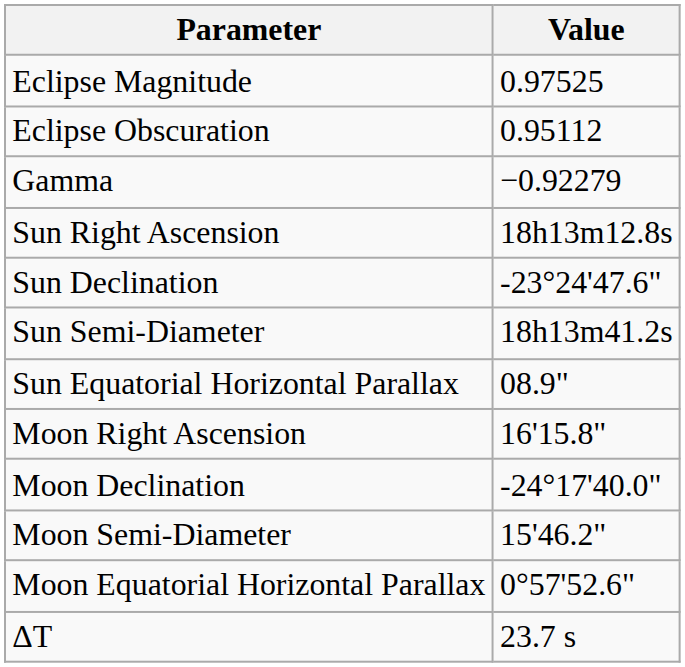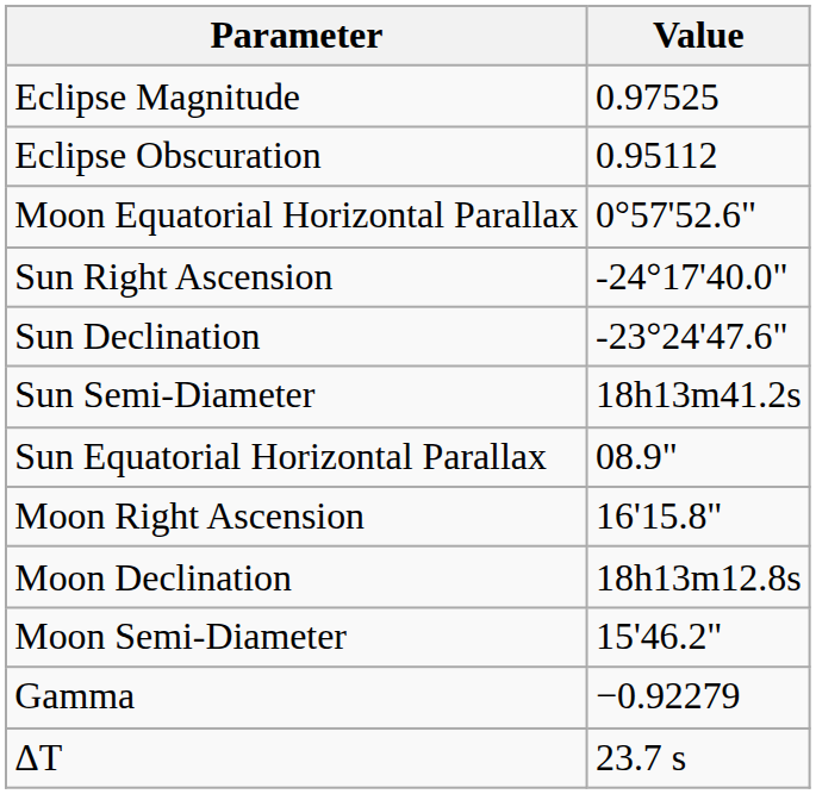 <table class="wikitable">
 <tr>
 <th>Parameter</th>
 <th>Value</th>
 </tr>
 <tr>
 <td>Eclipse Magnitude</td>
 <td>0.97525</td>
 </tr>
 <tr>
 <td>Eclipse Obscuration</td>
 <td>0.95112</td>
 </tr>
 <tr>
-<td>Gamma</td>
-<td>−0.92279</td>
+<td>Moon Equatorial Horizontal Parallax</td>
+<td>0°57'52.6"</td>
 </tr>
 <tr>
 <td>Sun Right Ascension</td>
-<td>18h13m12.8s</td>
+<td>-24°17'40.0"</td>
 </tr>
 <tr>
 <td>Sun Declination</td>
 <td>-23°24'47.6"</td>
 </tr>
 <tr>
 <td>Sun Semi-Diameter</td>
 <td>18h13m41.2s</td>
 </tr>
 <tr>
 <td>Sun Equatorial Horizontal Parallax</td>
 <td>08.9"</td>
 </tr>
 <tr>
 <td>Moon Right Ascension</td>
 <td>16'15.8"</td>
 </tr>
 <tr>
 <td>Moon Declination</td>
-<td>-24°17'40.0"</td>
+<td>18h13m12.8s</td>
 </tr>
 <tr>
 <td>Moon Semi-Diameter</td>
 <td>15'46.2"</td>
 </tr>
 <tr>
-<td>Moon Equatorial Horizontal Parallax</td>
-<td>0°57'52.6"</td>
+<td>Gamma</td>
+<td>−0.92279</td>
 </tr>
 <tr>
 <td>ΔT</td>
 <td>23.7 s</td>
 </tr>
 </table>
